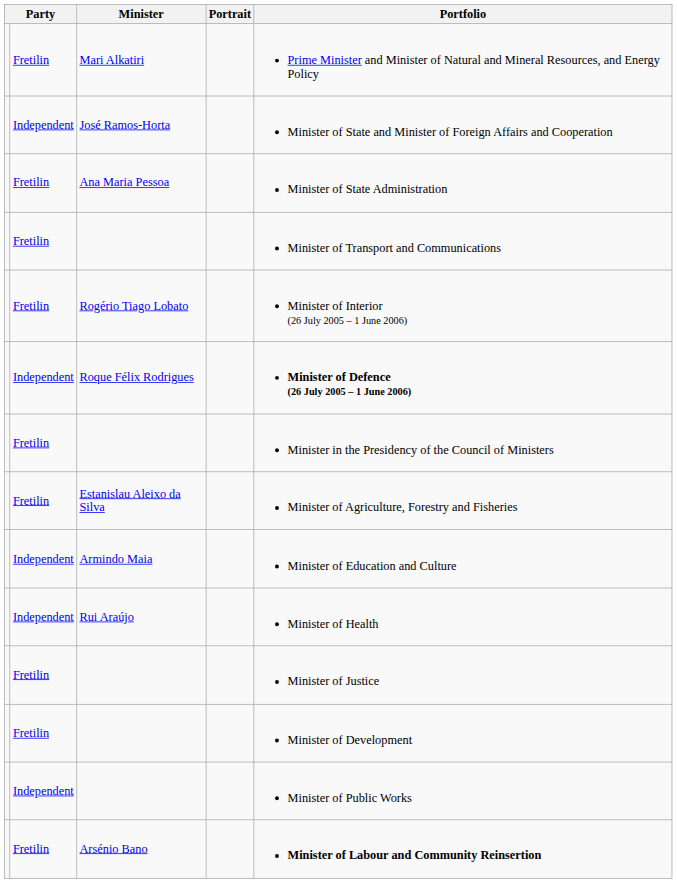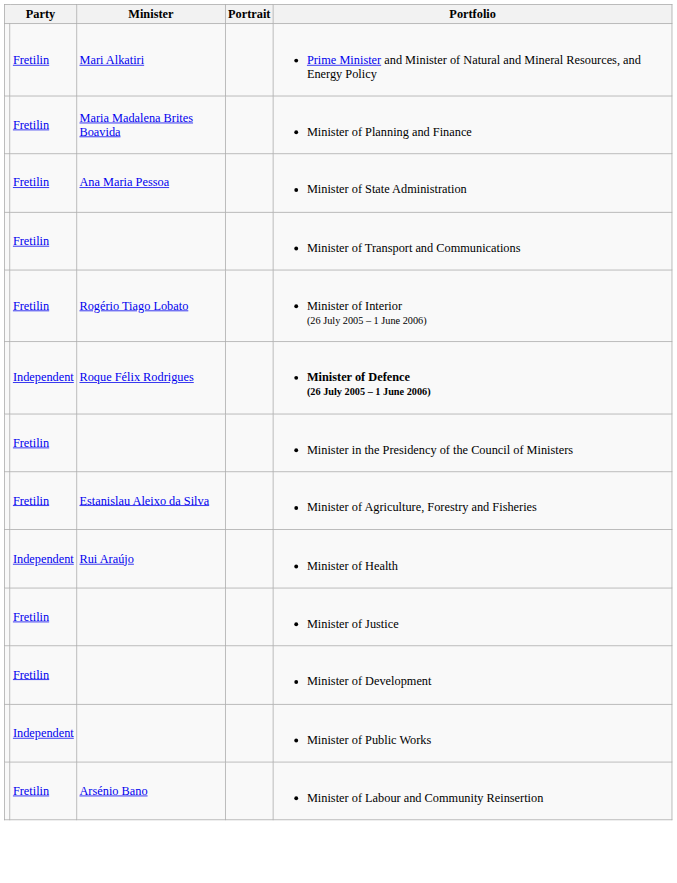 <table class="wikitable sortable">
 <tr>
 <th colspan="2">Party</th>
 <th>Minister</th>
 <th>Portrait</th>
 <th>Portfolio</th>
 </tr>
 <tr>
 <td style="background:"></td>
 <td><a href='#'>Fretilin</a></td>
 <td><a href='#'>Mari Alkatiri</a></td>
 <td></td>
 <td><br><ul><li><a href='#'>Prime Minister</a> and Minister of Natural and Mineral Resources, and Energy Policy</li></ul></td>
 </tr>
 <tr>
 <td style="background:"></td>
-<td><a href='#'>Independent</a></td>
-<td><a href='#'>José Ramos-Horta</a></td>
+<td><a href='#'>Fretilin</a></td>
+<td><a href='#'>Maria Madalena Brites Boavida</a></td>
 <td></td>
-<td><br><ul><li>Minister of State and Minister of Foreign Affairs and Cooperation</li></ul></td>
+<td><br><ul><li>Minister of Planning and Finance</li></ul></td>
 </tr>
 <tr>
 <td style="background:"></td>
 <td><a href='#'>Fretilin</a></td>
 <td><a href='#'>Ana Maria Pessoa</a></td>
 <td></td>
 <td><br><ul><li>Minister of State Administration</li></ul></td>
 </tr>
 <tr>
 <td style="background:"></td>
 <td><a href='#'>Fretilin</a></td>
 <td></td>
 <td></td>
 <td><br><ul><li>Minister of Transport and Communications</li></ul></td>
 </tr>
 <tr>
 <td style="background:"></td>
 <td><a href='#'>Fretilin</a></td>
 <td><a href='#'>Rogério Tiago Lobato</a></td>
 <td></td>
 <td><br><ul><li>Minister of Interior<br><small>(26 July 2005 – 1 June 2006)</small></li></ul></td>
 </tr>
 <tr>
 <td style="background:"></td>
 <td><a href='#'>Independent</a></td>
 <td><a href='#'>Roque Félix Rodrigues</a></td>
 <td></td>
 <td><strong><br><ul><li>Minister of Defence<br><small>(26 July 2005 – 1 June 2006)</small></li></ul></strong></td>
 </tr>
 <tr>
 <td style="background:"></td>
 <td><a href='#'>Fretilin</a></td>
 <td></td>
 <td></td>
 <td><br><ul><li>Minister in the Presidency of the Council of Ministers</li></ul></td>
 </tr>
 <tr>
 <td style="background:"></td>
 <td><a href='#'>Fretilin</a></td>
 <td><a href='#'>Estanislau Aleixo da Silva</a></td>
 <td></td>
 <td><br><ul><li>Minister of Agriculture, Forestry and Fisheries</li></ul></td>
 </tr>
 <tr>
 <td style="background:"></td>
 <td><a href='#'>Independent</a></td>
-<td><a href='#'>Armindo Maia</a></td>
-<td></td>
-<td><br><ul><li>Minister of Education and Culture</li></ul></td>
-</tr>
-<tr>
-<td style="background:"></td>
-<td><a href='#'>Independent</a></td>
 <td><a href='#'>Rui Araújo</a></td>
 <td></td>
 <td><br><ul><li>Minister of Health</li></ul></td>
 </tr>
 <tr>
 <td style="background:"></td>
 <td><a href='#'>Fretilin</a></td>
 <td></td>
 <td></td>
 <td><br><ul><li>Minister of Justice</li></ul></td>
 </tr>
 <tr>
 <td style="background:"></td>
 <td><a href='#'>Fretilin</a></td>
 <td></td>
 <td></td>
 <td><br><ul><li>Minister of Development</li></ul></td>
 </tr>
 <tr>
 <td style="background:"></td>
 <td><a href='#'>Independent</a></td>
 <td></td>
 <td></td>
 <td><br><ul><li>Minister of Public Works</li></ul></td>
 </tr>
 <tr>
 <td style="background:"></td>
 <td><a href='#'>Fretilin</a></td>
 <td><a href='#'>Arsénio Bano</a></td>
 <td></td>
-<td><strong><br><ul><li>Minister of Labour and Community Reinsertion</li></ul></strong></td>
+<td><br><ul><li>Minister of Labour and Community Reinsertion</li></ul></td>
 </tr>
 </table>
